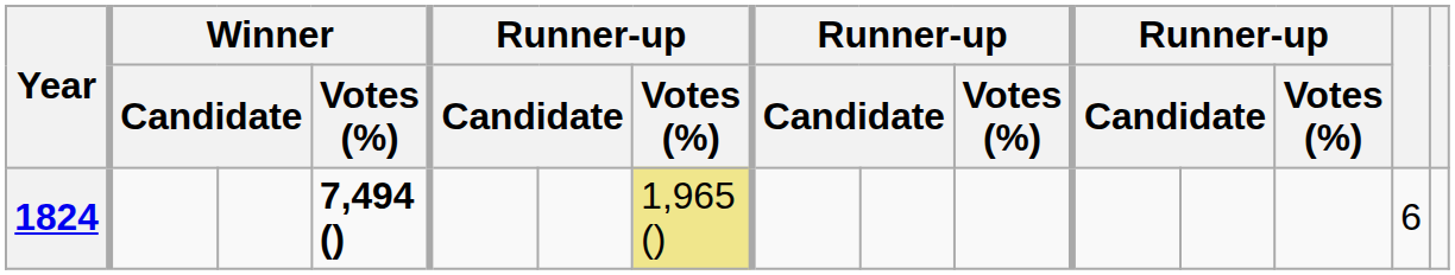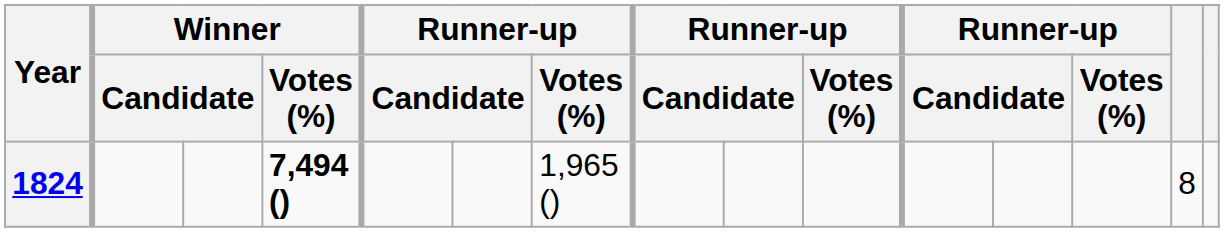 <table class="wikitable">
 <tr>
 <th scope=col rowspan="2">Year</th>
 <th scope=col colspan="3" style="border-left:3px solid darkgray;">Winner</th>
 <th scope=col colspan="3" style="border-left:3px solid darkgray;">Runner-up</th>
 <th scope=col colspan="3" style="border-left:3px solid darkgray;">Runner-up</th>
 <th scope=col colspan="3" style="border-left:3px solid darkgray;">Runner-up</th>
 <th scope="col" rowspan="2"></th>
 <th scope="col" class="unsortable" rowspan="2"></th>
 </tr>
 <tr>
 <th scope="col" style="border-left:3px solid darkgray;" colspan="2">Candidate</th>
 <th scope="col" data-sort-type="number">Votes<br>(%)</th>
 <th scope="col" style="border-left:3px solid darkgray;" colspan="2">Candidate</th>
 <th scope="col" data-sort-type="number">Votes<br>(%)</th>
 <th scope="col" style="border-left:3px solid darkgray;" colspan="2">Candidate</th>
 <th>Votes<br>(%)</th>
 <th scope="col" style="border-left:3px solid darkgray;" colspan="2">Candidate</th>
 <th>Votes<br>(%)</th>
 </tr>
 <tr>
 <th scope="row"> <a href='#'>1824</a></th>
 <td style="text-align:left; border-left:3px solid darkgray; background-color:"></td>
 <td><strong></strong> </td>
 <td><strong>7,494<br>()</strong></td>
 <td style="text-align:left; border-left:3px solid darkgray; background-color:"></td>
 <td> </td>
-<td style="background: khaki;">1,965<br>()</td>
+<td>1,965<br>()</td>
 <td style="text-align:left; border-left:3px solid darkgray; background-color:"></td>
 <td> </td>
 <td></td>
 <td style="text-align:left; border-left:3px solid darkgray; background-color:"></td>
 <td> </td>
 <td></td>
-<td>6</td>
+<td>8</td>
 <td></td>
 </tr>
 </table>
